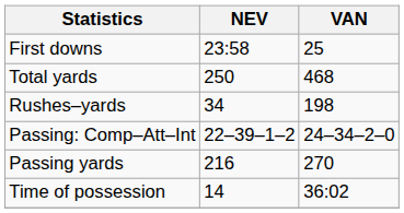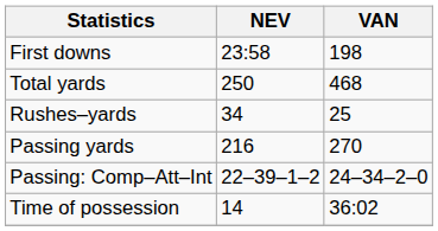 <table class="wikitable" style="float: left;">
 <tr>
 <th>Statistics</th>
 <th>NEV</th>
 <th>VAN</th>
 </tr>
 <tr>
 <td>First downs</td>
 <td>23:58</td>
-<td>25</td>
+<td>198</td>
 </tr>
 <tr>
 <td>Total yards</td>
 <td>250</td>
 <td>468</td>
 </tr>
 <tr>
 <td>Rushes–yards</td>
 <td>34</td>
-<td>198</td>
+<td>25</td>
+</tr>
+<tr>
+<td>Passing yards</td>
+<td>216</td>
+<td>270</td>
 </tr>
 <tr>
 <td>Passing: Comp–Att–Int</td>
 <td>22–39–1–2</td>
 <td>24–34–2–0</td>
-</tr>
-<tr>
-<td>Passing yards</td>
-<td>216</td>
-<td>270</td>
 </tr>
 <tr>
 <td>Time of possession</td>
 <td>14</td>
 <td>36:02</td>
 </tr>
 <tr>
 </tr>
 </table>
